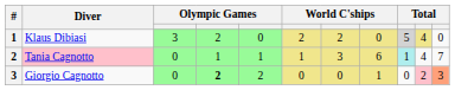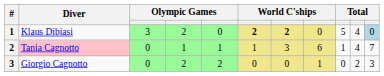 <table class="wikitable" width=45% style="font-size:90%; text-align:center;">
 <tr>
 <th rowspan=2>#</th>
 <th rowspan=2>Diver</th>
 <th colspan=3>Olympic Games</th>
 <th colspan=3>World C'ships</th>
 <th colspan=3>Total</th>
 </tr>
 <tr>
 <th></th>
 <th></th>
 <th></th>
 <th></th>
 <th></th>
 <th></th>
 <th></th>
 <th></th>
 <th></th>
 </tr>
 <tr>
 <th>1</th>
 <td align=left><a href='#'>Klaus Dibiasi</a></td>
 <td bgcolor=PaleGreen>3</td>
 <td bgcolor=PaleGreen>2</td>
 <td bgcolor=PaleGreen>0</td>
-<td bgcolor=Khaki>2</td>
-<td bgcolor=Khaki>2</td>
+<td bgcolor=Khaki><strong>2</strong></td>
+<td bgcolor=Khaki><strong>2</strong></td>
 <td bgcolor=Khaki>0</td>
-<td style="background: lightgrey;">5</td>
-<td style="background: khaki;">4</td>
-<td>0</td>
+<td>5</td>
+<td>4</td>
+<td style="background: lightblue;">0</td>
 </tr>
 <tr>
 <th>2</th>
 <td align=left bgcolor=pink><a href='#'>Tania Cagnotto</a></td>
 <td bgcolor=PaleGreen>0</td>
 <td bgcolor=PaleGreen>1</td>
 <td bgcolor=PaleGreen>1</td>
 <td bgcolor=Khaki>1</td>
 <td bgcolor=Khaki>3</td>
 <td bgcolor=Khaki>6</td>
-<td style="background: paleturquoise;">1</td>
+<td>1</td>
 <td>4</td>
 <td>7</td>
 </tr>
 <tr>
 <th>3</th>
 <td align=left><a href='#'>Giorgio Cagnotto</a></td>
 <td bgcolor=PaleGreen>0</td>
-<td bgcolor=PaleGreen><strong>2</strong></td>
+<td bgcolor=PaleGreen>2</td>
 <td bgcolor=PaleGreen>2</td>
 <td bgcolor=Khaki>0</td>
 <td bgcolor=Khaki>0</td>
 <td bgcolor=Khaki>1</td>
 <td>0</td>
-<td style="background: pink;">2</td>
-<td style="background: lightsalmon;">3</td>
+<td>2</td>
+<td>3</td>
 </tr>
 </table>
